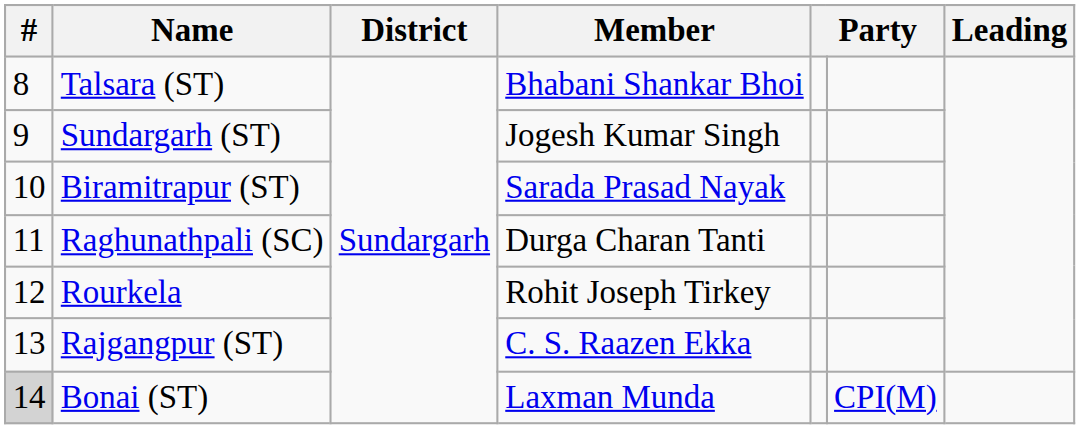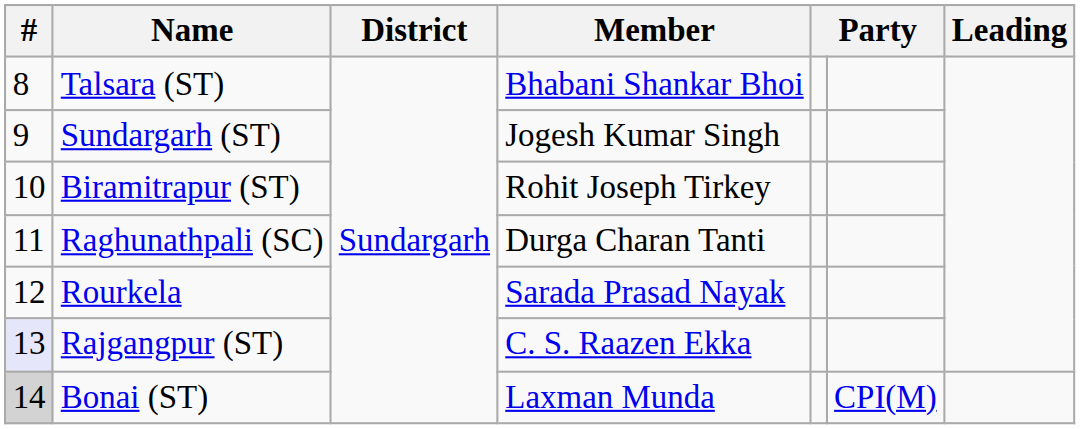 <table class="wikitable">
 <tr>
 <th>#</th>
 <th>Name</th>
 <th>District</th>
 <th>Member</th>
 <th colspan="2">Party</th>
 <th colspan="2">Leading<br></th>
 </tr>
 <tr>
 <td>8</td>
 <td><a href='#'>Talsara</a> (ST)</td>
 <td rowspan="7"><a href='#'>Sundargarh</a></td>
 <td><a href='#'>Bhabani Shankar Bhoi</a></td>
 <td></td>
 <td></td>
 </tr>
 <tr>
 <td>9</td>
 <td><a href='#'>Sundargarh</a> (ST)</td>
 <td>Jogesh Kumar Singh</td>
 <td></td>
 <td></td>
 </tr>
 <tr>
 <td>10</td>
 <td><a href='#'>Biramitrapur</a> (ST)</td>
-<td><a href='#'>Sarada Prasad Nayak</a></td>
+<td>Rohit Joseph Tirkey</td>
 <td></td>
 <td></td>
 </tr>
 <tr>
 <td>11</td>
 <td><a href='#'>Raghunathpali</a> (SC)</td>
 <td>Durga Charan Tanti</td>
 <td></td>
 <td></td>
 </tr>
 <tr>
 <td>12</td>
 <td><a href='#'>Rourkela</a></td>
-<td>Rohit Joseph Tirkey</td>
+<td><a href='#'>Sarada Prasad Nayak</a></td>
 <td></td>
 <td></td>
 </tr>
 <tr>
-<td>13</td>
+<td style="background: lavender;">13</td>
 <td><a href='#'>Rajgangpur</a> (ST)</td>
 <td><a href='#'>C. S. Raazen Ekka</a></td>
 <td></td>
 <td></td>
 </tr>
 <tr>
 <td style="background: lightgrey;">14</td>
 <td><a href='#'>Bonai</a> (ST)</td>
 <td><a href='#'>Laxman Munda</a></td>
 <td style="background-color: "></td>
 <td><a href='#'>CPI(M)</a></td>
 <td></td>
 </tr>
 </table>
